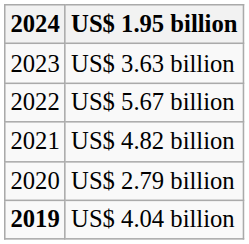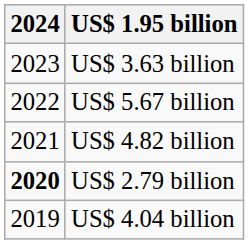 <table class="wikitable">
 <tr>
 <th>2024</th>
 <th>US$ 1.95 billion</th>
 </tr>
 <tr>
 <td>2023</td>
 <td>US$ 3.63 billion</td>
 </tr>
 <tr>
 <td>2022</td>
 <td>US$ 5.67 billion</td>
 </tr>
 <tr>
 <td>2021</td>
 <td>US$ 4.82 billion</td>
 </tr>
 <tr>
-<td>2020</td>
+<td><strong>2020</strong></td>
 <td>US$ 2.79 billion</td>
 </tr>
 <tr>
-<td><strong>2019</strong></td>
+<td>2019</td>
 <td>US$ 4.04 billion</td>
 </tr>
 </table>
